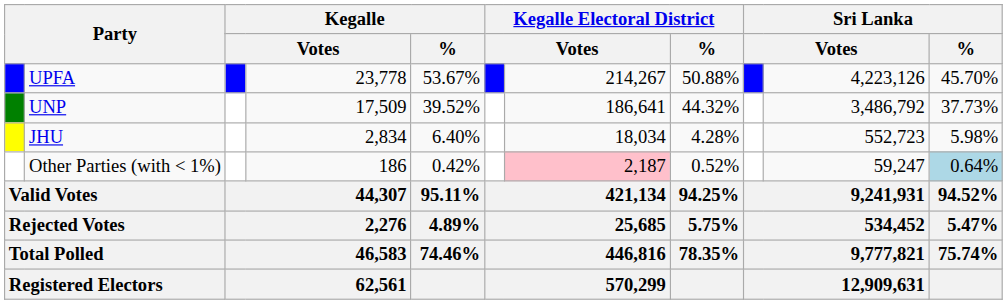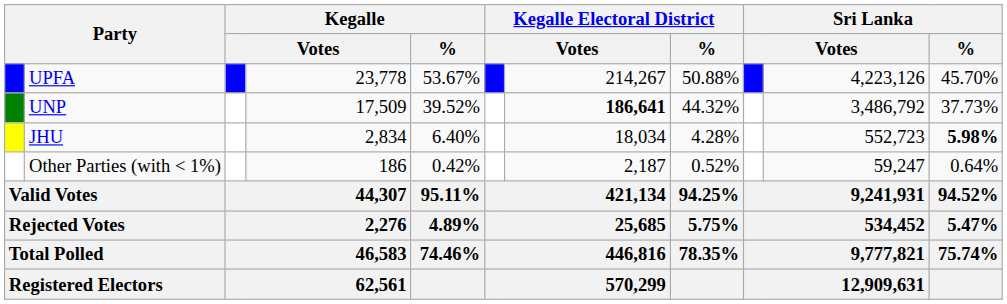 <table class="wikitable">
 <tr>
 <th colspan="2" width="144px"rowspan="2">Party</th>
 <th colspan="3" width="216px">Kegalle</th>
 <th colspan="3" width="216px"><a href='#'>Kegalle Electoral District</a></th>
 <th colspan="3" width="216px">Sri Lanka</th>
 </tr>
 <tr>
 <th colspan="2" width="144px">Votes</th>
 <th>%</th>
 <th colspan="2" width="144px">Votes</th>
 <th>%</th>
 <th colspan="2" width="144px">Votes</th>
 <th>%</th>
 </tr>
 <tr>
 <td style="background-color:blue;" width="10px"></td>
 <td style="text-align:left;"><a href='#'>UPFA</a></td>
 <td style="background-color:blue;" width="10px"></td>
 <td style="text-align:right;">23,778</td>
 <td style="text-align:right;">53.67%</td>
 <td style="background-color:blue;" width="10px"></td>
 <td style="text-align:right;">214,267</td>
 <td style="text-align:right;">50.88%</td>
 <td style="background-color:blue;" width="10px"></td>
 <td style="text-align:right;">4,223,126</td>
 <td style="text-align:right;">45.70%</td>
 </tr>
 <tr>
 <td style="background-color:green;" width="10px"></td>
 <td style="text-align:left;"><a href='#'>UNP</a></td>
 <td style="background-color:white;" width="10px"></td>
 <td style="text-align:right;">17,509</td>
 <td style="text-align:right;">39.52%</td>
 <td style="background-color:white;" width="10px"></td>
-<td style="text-align:right;">186,641</td>
+<td style="text-align:right;"><strong>186,641</strong></td>
 <td style="text-align:right;">44.32%</td>
 <td style="background-color:white;" width="10px"></td>
 <td style="text-align:right;">3,486,792</td>
 <td style="text-align:right;">37.73%</td>
 </tr>
 <tr>
 <td style="background-color:yellow;" width="10px"></td>
 <td style="text-align:left;"><a href='#'>JHU</a></td>
 <td style="background-color:white;" width="10px"></td>
 <td style="text-align:right;">2,834</td>
 <td style="text-align:right;">6.40%</td>
 <td style="background-color:white;" width="10px"></td>
 <td style="text-align:right;">18,034</td>
 <td style="text-align:right;">4.28%</td>
 <td style="background-color:white;" width="10px"></td>
 <td style="text-align:right;">552,723</td>
-<td style="text-align:right;">5.98%</td>
+<td style="text-align:right;"><strong>5.98%</strong></td>
 </tr>
 <tr>
 <td style="background-color:white;" width="10px"></td>
 <td style="text-align:left;">Other Parties (with < 1%)</td>
 <td style="background-color:white;" width="10px"></td>
 <td style="text-align:right;">186</td>
 <td style="text-align:right;">0.42%</td>
 <td style="background-color:white;" width="10px"></td>
-<td style="background: pink; text-align:right;">2,187</td>
+<td style="text-align:right;">2,187</td>
 <td style="text-align:right;">0.52%</td>
 <td style="background-color:white;" width="10px"></td>
 <td style="text-align:right;">59,247</td>
-<td style="background: lightblue; text-align:right;">0.64%</td>
+<td style="text-align:right;">0.64%</td>
 </tr>
 <tr>
 <th colspan="2" width="144px"style="text-align:left;">Valid Votes</th>
 <th style="text-align:right;"colspan="2" width="144px">44,307</th>
 <th style="text-align:right;">95.11%</th>
 <th style="text-align:right;"colspan="2" width="144px">421,134</th>
 <th style="text-align:right;">94.25%</th>
 <th style="text-align:right;"colspan="2" width="144px">9,241,931</th>
 <th style="text-align:right;">94.52%</th>
 </tr>
 <tr>
 <th colspan="2" width="144px"style="text-align:left;">Rejected Votes</th>
 <th style="text-align:right;"colspan="2" width="144px">2,276</th>
 <th style="text-align:right;">4.89%</th>
 <th style="text-align:right;"colspan="2" width="144px">25,685</th>
 <th style="text-align:right;">5.75%</th>
 <th style="text-align:right;"colspan="2" width="144px">534,452</th>
 <th style="text-align:right;">5.47%</th>
 </tr>
 <tr>
 <th colspan="2" width="144px"style="text-align:left;">Total Polled</th>
 <th style="text-align:right;"colspan="2" width="144px">46,583</th>
 <th style="text-align:right;">74.46%</th>
 <th style="text-align:right;"colspan="2" width="144px">446,816</th>
 <th style="text-align:right;">78.35%</th>
 <th style="text-align:right;"colspan="2" width="144px">9,777,821</th>
 <th style="text-align:right;">75.74%</th>
 </tr>
 <tr>
 <th colspan="2" width="144px"style="text-align:left;">Registered Electors</th>
 <th style="text-align:right;"colspan="2" width="144px">62,561</th>
 <th></th>
 <th style="text-align:right;"colspan="2" width="144px">570,299</th>
 <th></th>
 <th style="text-align:right;"colspan="2" width="144px">12,909,631</th>
 <th></th>
 </tr>
 </table>
